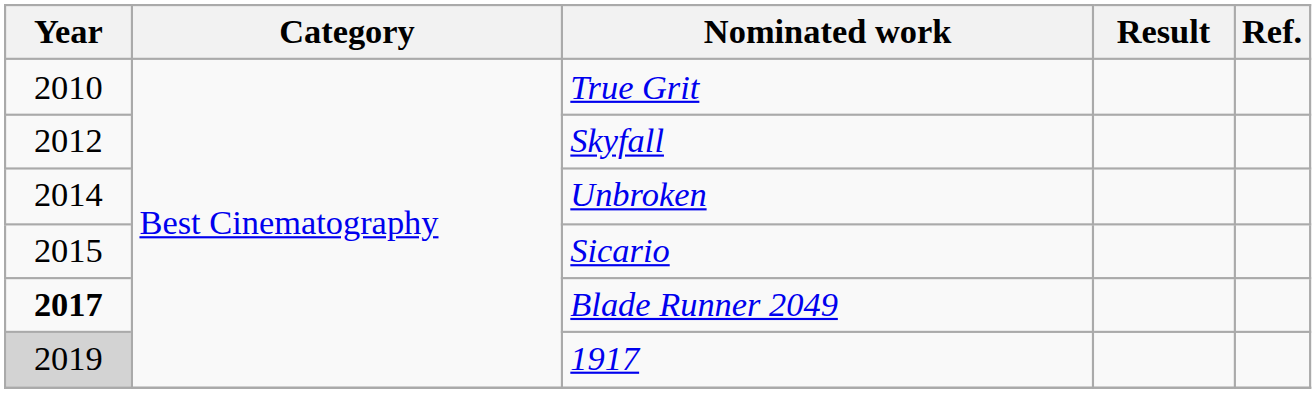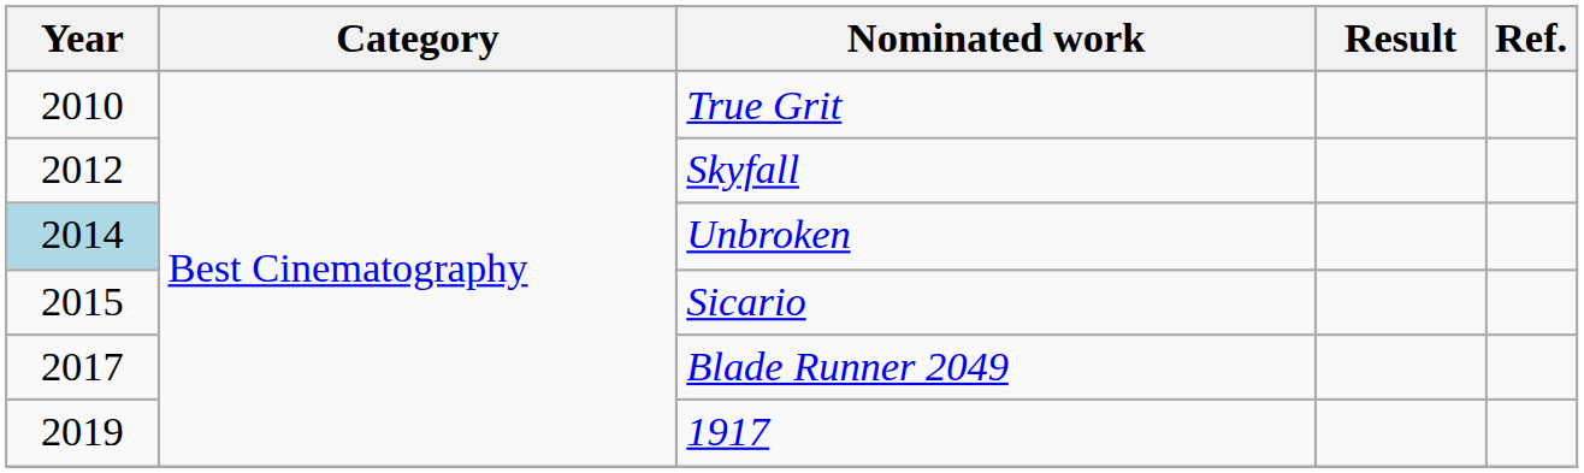 <table class=wikitable>
 <tr>
 <th scope="col" style="width:5em;">Year</th>
 <th scope="col" style="width:20em;">Category</th>
 <th scope="col" style="width:30em;">Nominated work</th>
 <th scope="col" style="width:5em;">Result</th>
 <th>Ref.</th>
 </tr>
 <tr>
 <td style="text-align:center;">2010</td>
 <td rowspan=6><a href='#'>Best Cinematography</a></td>
 <td><em><a href='#'>True Grit</a></em></td>
 <td></td>
 <td></td>
 </tr>
 <tr>
 <td style="text-align:center;">2012</td>
 <td><em><a href='#'>Skyfall</a></em></td>
 <td></td>
 <td></td>
 </tr>
 <tr>
-<td style="text-align:center;">2014</td>
+<td style="background: lightblue; text-align:center;">2014</td>
 <td><em><a href='#'>Unbroken</a></em></td>
 <td></td>
 <td></td>
 </tr>
 <tr>
 <td style="text-align:center;">2015</td>
 <td><em><a href='#'>Sicario</a></em></td>
 <td></td>
 <td></td>
 </tr>
 <tr>
-<td style="text-align:center;"><strong>2017</strong></td>
+<td style="text-align:center;">2017</td>
 <td><em><a href='#'>Blade Runner 2049</a></em></td>
 <td></td>
 <td></td>
 </tr>
 <tr>
-<td style="background: lightgrey; text-align:center;">2019</td>
+<td style="text-align:center;">2019</td>
 <td><em><a href='#'>1917</a></em></td>
 <td></td>
 <td></td>
 </tr>
 <tr>
 </tr>
 </table>
